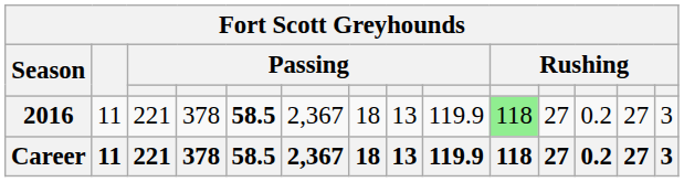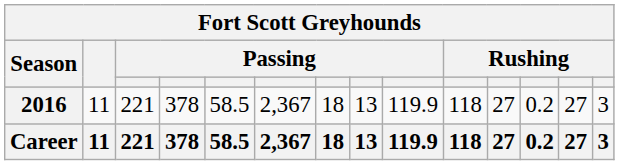 <table class="wikitable" style="text-align:center;">
 <tr>
 <th colspan="16">Fort Scott Greyhounds</th>
 </tr>
 <tr>
 <th rowspan="2">Season</th>
 <th rowspan="2"></th>
 <th colspan="7">Passing</th>
 <th colspan="5">Rushing</th>
 </tr>
 <tr>
 <th></th>
 <th></th>
 <th></th>
 <th></th>
 <th></th>
 <th></th>
 <th></th>
 <th></th>
 <th></th>
 <th></th>
 <th></th>
 <th></th>
 </tr>
 <tr>
 <th>2016</th>
 <td>11</td>
 <td>221</td>
 <td>378</td>
-<td><strong>58.5</strong></td>
+<td>58.5</td>
 <td>2,367</td>
 <td>18</td>
 <td>13</td>
 <td>119.9</td>
-<td style="background: lightgreen;">118</td>
+<td>118</td>
 <td>27</td>
 <td>0.2</td>
 <td>27</td>
 <td>3</td>
 </tr>
 <tr>
 <th>Career</th>
 <th>11</th>
 <th>221</th>
 <th>378</th>
 <th>58.5</th>
 <th>2,367</th>
 <th>18</th>
 <th>13</th>
 <th>119.9</th>
 <th>118</th>
 <th>27</th>
 <th>0.2</th>
 <th>27</th>
 <th>3</th>
 </tr>
 </table>
